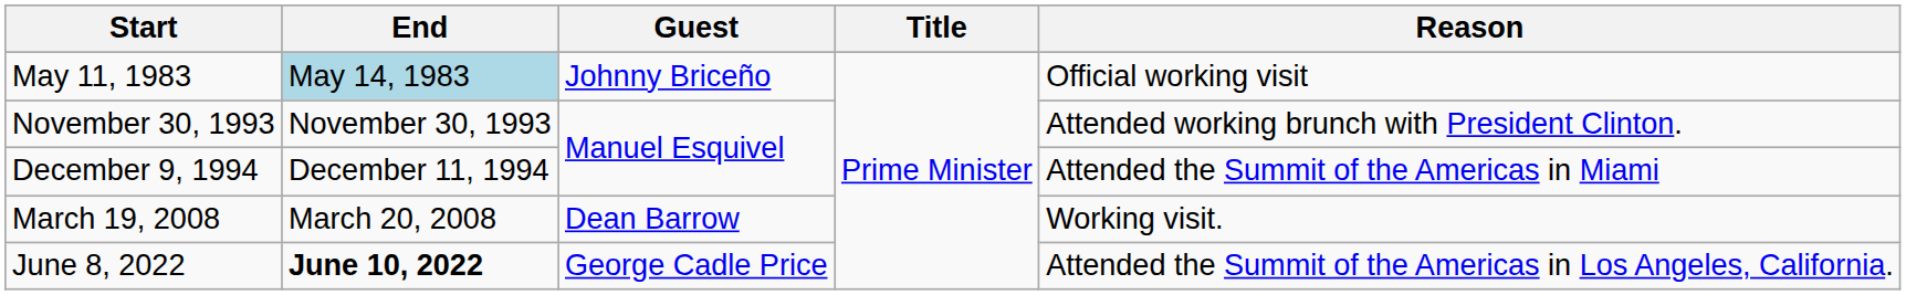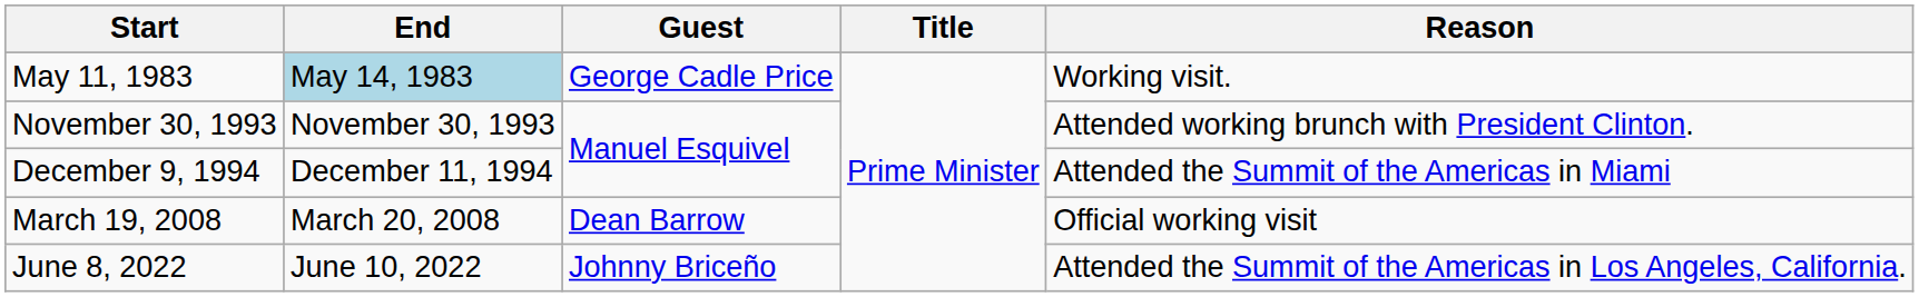 <table class="wikitable sortable">
 <tr>
 <th>Start</th>
 <th>End</th>
 <th>Guest</th>
 <th>Title</th>
 <th>Reason</th>
 </tr>
 <tr>
 <td>May 11, 1983</td>
 <td style="background: lightblue;">May 14, 1983</td>
-<td><a href='#'>Johnny Briceño</a></td>
+<td><a href='#'>George Cadle Price</a></td>
 <td rowspan=5><a href='#'>Prime Minister</a></td>
-<td>Official working visit</td>
+<td>Working visit.</td>
 </tr>
 <tr>
 <td>November 30, 1993</td>
 <td>November 30, 1993</td>
 <td rowspan=2><a href='#'>Manuel Esquivel</a></td>
 <td>Attended working brunch with <a href='#'>President Clinton</a>.</td>
 </tr>
 <tr>
 <td>December 9, 1994</td>
 <td>December 11, 1994</td>
 <td>Attended the <a href='#'>Summit of the Americas</a> in <a href='#'>Miami</a></td>
 </tr>
 <tr>
 <td>March 19, 2008</td>
 <td>March 20, 2008</td>
 <td><a href='#'>Dean Barrow</a></td>
-<td>Working visit.</td>
+<td>Official working visit</td>
 </tr>
 <tr>
 <td>June 8, 2022</td>
-<td><strong>June 10, 2022</strong></td>
-<td><a href='#'>George Cadle Price</a></td>
+<td>June 10, 2022</td>
+<td><a href='#'>Johnny Briceño</a></td>
 <td>Attended the <a href='#'>Summit of the Americas</a> in <a href='#'>Los Angeles, California</a>.</td>
 </tr>
 </table>
